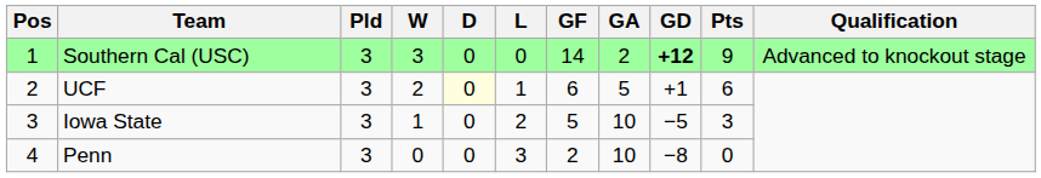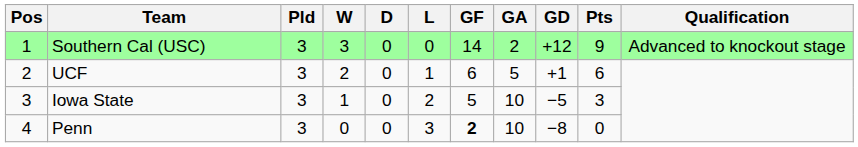 <table class="wikitable" style="text-align:center; margin: 1em auto">
 <tr>
 <th style="width:2em">Pos</th>
 <th style="width:13em">Team</th>
 <th style="width:2em">Pld</th>
 <th style="width:2em">W</th>
 <th style="width:2em">D</th>
 <th style="width:2em">L</th>
 <th style="width:2em">GF</th>
 <th style="width:2em">GA</th>
 <th style="width:2em">GD</th>
 <th style="width:2em">Pts</th>
 <th style="width:13em">Qualification</th>
 </tr>
 <tr bgcolor="#9eff9e">
 <td>1</td>
 <td style="text-align:left">Southern Cal (USC)</td>
 <td>3</td>
 <td>3</td>
 <td>0</td>
 <td>0</td>
 <td>14</td>
 <td>2</td>
-<td><strong>+12</strong></td>
+<td>+12</td>
 <td>9</td>
 <td>Advanced to knockout stage</td>
 </tr>
 <tr>
 <td>2</td>
 <td style="text-align:left">UCF</td>
 <td>3</td>
 <td>2</td>
-<td style="background: lightyellow;">0</td>
+<td>0</td>
 <td>1</td>
 <td>6</td>
 <td>5</td>
 <td>+1</td>
 <td>6</td>
 </tr>
 <tr>
 <td>3</td>
 <td style="text-align:left">Iowa State</td>
 <td>3</td>
 <td>1</td>
 <td>0</td>
 <td>2</td>
 <td>5</td>
 <td>10</td>
 <td>−5</td>
 <td>3</td>
 </tr>
 <tr>
 <td>4</td>
 <td style="text-align:left">Penn</td>
 <td>3</td>
 <td>0</td>
 <td>0</td>
 <td>3</td>
-<td>2</td>
+<td><strong>2</strong></td>
 <td>10</td>
 <td>−8</td>
 <td>0</td>
 </tr>
 </table>
